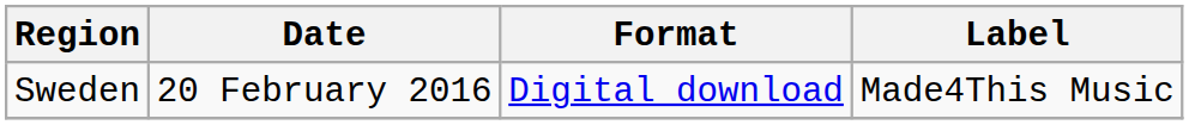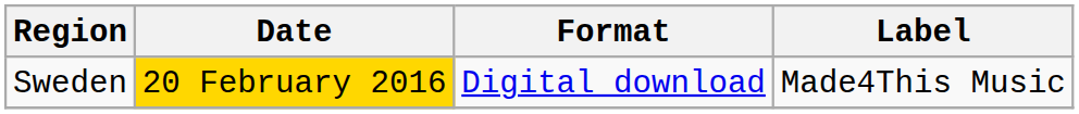 <table class=wikitable>
 <tr>
 <th>Region</th>
 <th>Date</th>
 <th>Format</th>
 <th>Label</th>
 </tr>
 <tr>
 <td>Sweden</td>
-<td>20 February 2016</td>
+<td style="background: gold;">20 February 2016</td>
 <td><a href='#'>Digital download</a></td>
 <td>Made4This Music</td>
 </tr>
 <tr>
 </tr>
 </table>
